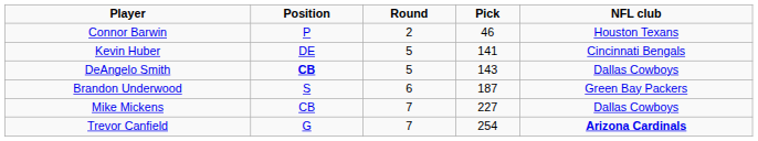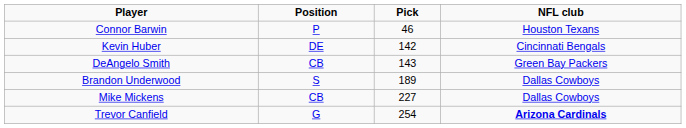 <table class="wikitable" width="80%">
 <tr align="center">
 <td><strong>Player</strong></td>
 <td><strong>Position</strong></td>
-<td><strong>Round</strong></td>
 <td><strong>Pick</strong></td>
 <td><strong>NFL club</strong></td>
 </tr>
 <tr align="center" bgcolor="">
 <td><a href='#'>Connor Barwin</a></td>
 <td><a href='#'>P</a></td>
-<td>2</td>
 <td>46</td>
 <td><a href='#'>Houston Texans</a></td>
 </tr>
 <tr align="center" bgcolor="">
 <td><a href='#'>Kevin Huber</a></td>
 <td><a href='#'>DE</a></td>
-<td>5</td>
-<td>141</td>
+<td>142</td>
 <td><a href='#'>Cincinnati Bengals</a></td>
 </tr>
 <tr align="center" bgcolor="">
 <td><a href='#'>DeAngelo Smith</a></td>
-<td><strong><a href='#'>CB</a></strong></td>
-<td>5</td>
+<td><a href='#'>CB</a></td>
 <td>143</td>
-<td><a href='#'>Dallas Cowboys</a></td>
+<td><a href='#'>Green Bay Packers</a></td>
 </tr>
 <tr align="center" bgcolor="">
 <td><a href='#'>Brandon Underwood</a></td>
 <td><a href='#'>S</a></td>
-<td>6</td>
-<td>187</td>
-<td><a href='#'>Green Bay Packers</a></td>
+<td>189</td>
+<td><a href='#'>Dallas Cowboys</a></td>
 </tr>
 <tr align="center" bgcolor="">
 <td><a href='#'>Mike Mickens</a></td>
 <td><a href='#'>CB</a></td>
-<td>7</td>
 <td>227</td>
 <td><a href='#'>Dallas Cowboys</a></td>
 </tr>
 <tr align="center" bgcolor="">
 <td><a href='#'>Trevor Canfield</a></td>
 <td><a href='#'>G</a></td>
-<td>7</td>
 <td>254</td>
 <td><strong><a href='#'>Arizona Cardinals</a></strong></td>
 </tr>
 </table>
